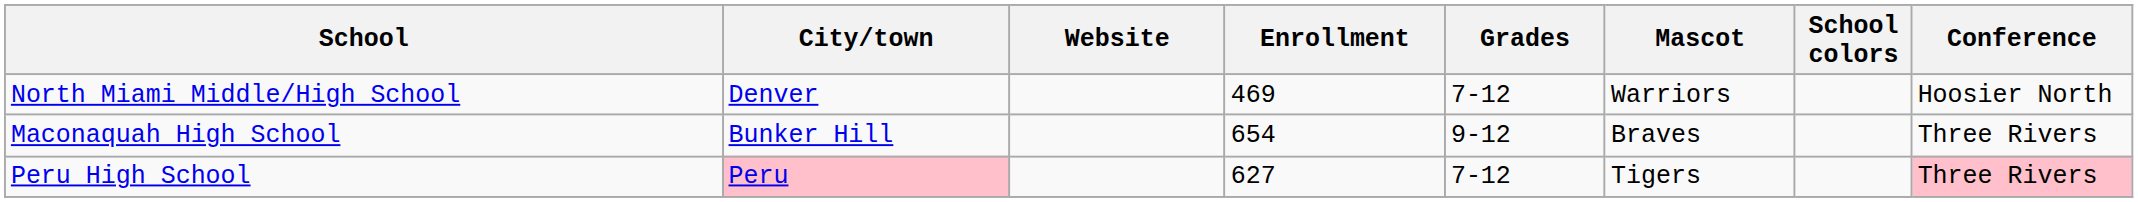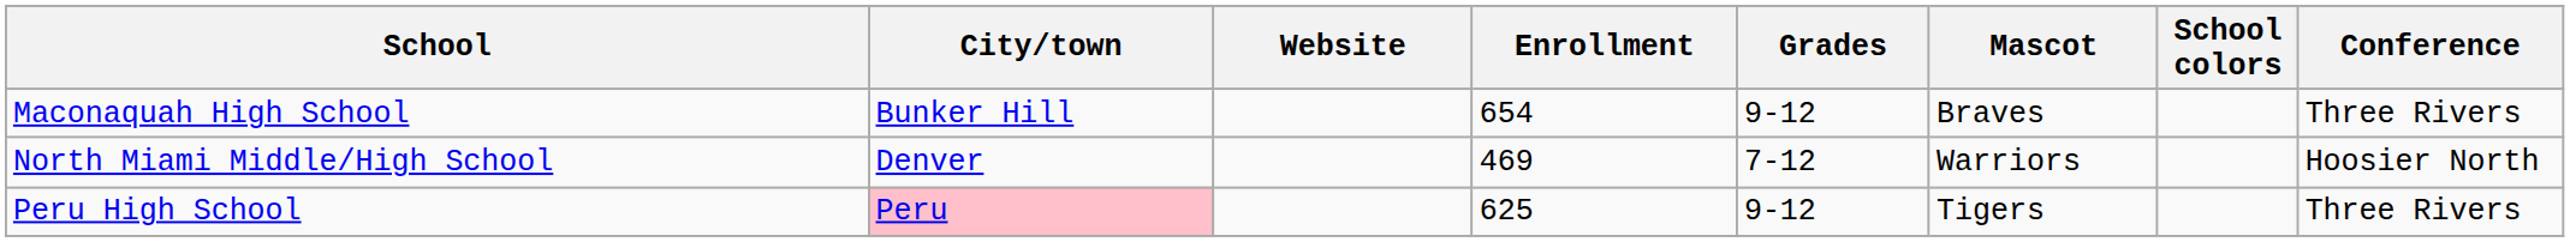 <table class="wikitable sortable" width="70%">
 <tr>
 <th width="20%">School</th>
 <th width="08%">City/town</th>
 <th width="06%">Website</th>
 <th width="04%">Enrollment</th>
 <th width="04%">Grades</th>
 <th width="04%">Mascot</th>
 <th width=01%>School colors</th>
 <th width="04%">Conference</th>
 </tr>
 <tr>
+<td><a href='#'>Maconaquah High School</a></td>
+<td><a href='#'>Bunker Hill</a></td>
+<td></td>
+<td>654</td>
+<td>9-12</td>
+<td>Braves</td>
+<td>  </td>
+<td>Three Rivers</td>
+</tr>
+<tr>
 <td><a href='#'>North Miami Middle/High School</a></td>
 <td><a href='#'>Denver</a></td>
 <td></td>
 <td>469</td>
 <td>7-12</td>
 <td>Warriors</td>
 <td> </td>
 <td>Hoosier North</td>
 </tr>
 <tr>
-<td><a href='#'>Maconaquah High School</a></td>
-<td><a href='#'>Bunker Hill</a></td>
-<td></td>
-<td>654</td>
-<td>9-12</td>
-<td>Braves</td>
-<td>  </td>
-<td>Three Rivers</td>
-</tr>
-<tr>
 <td><a href='#'>Peru High School</a></td>
 <td style="background: pink;"><a href='#'>Peru</a></td>
 <td></td>
-<td>627</td>
-<td>7-12</td>
+<td>625</td>
+<td>9-12</td>
 <td>Tigers</td>
 <td> </td>
-<td style="background: pink;">Three Rivers</td>
+<td>Three Rivers</td>
 </tr>
 </table>
